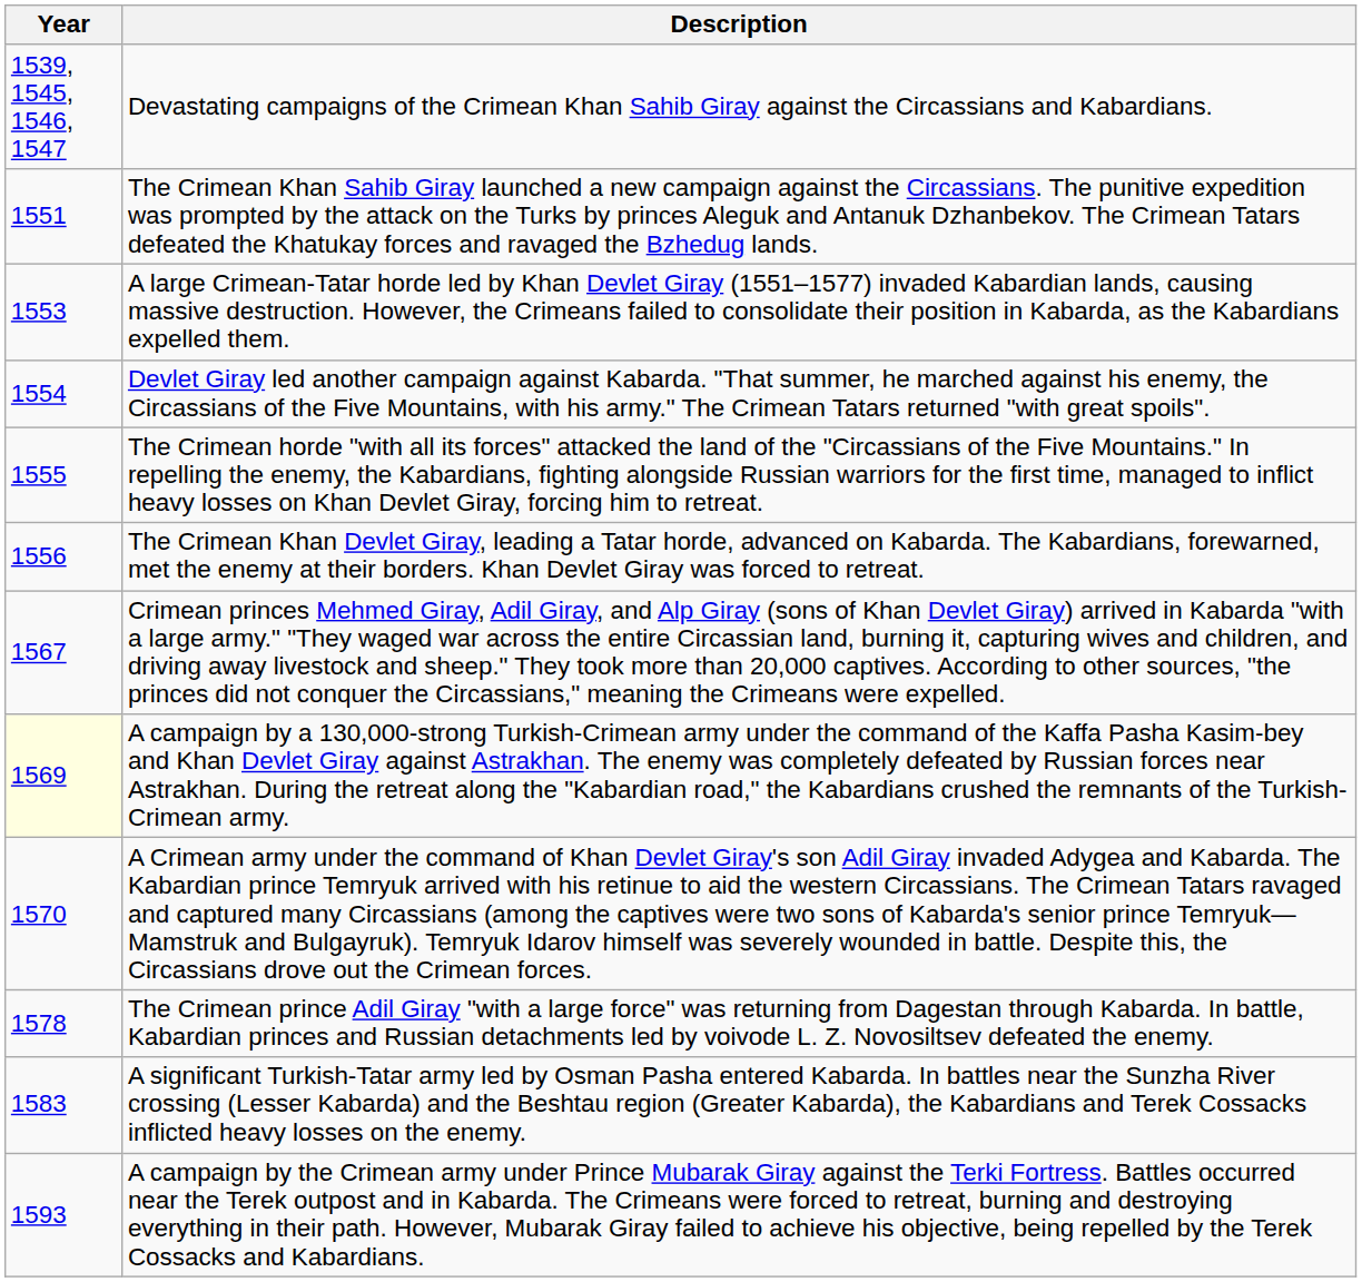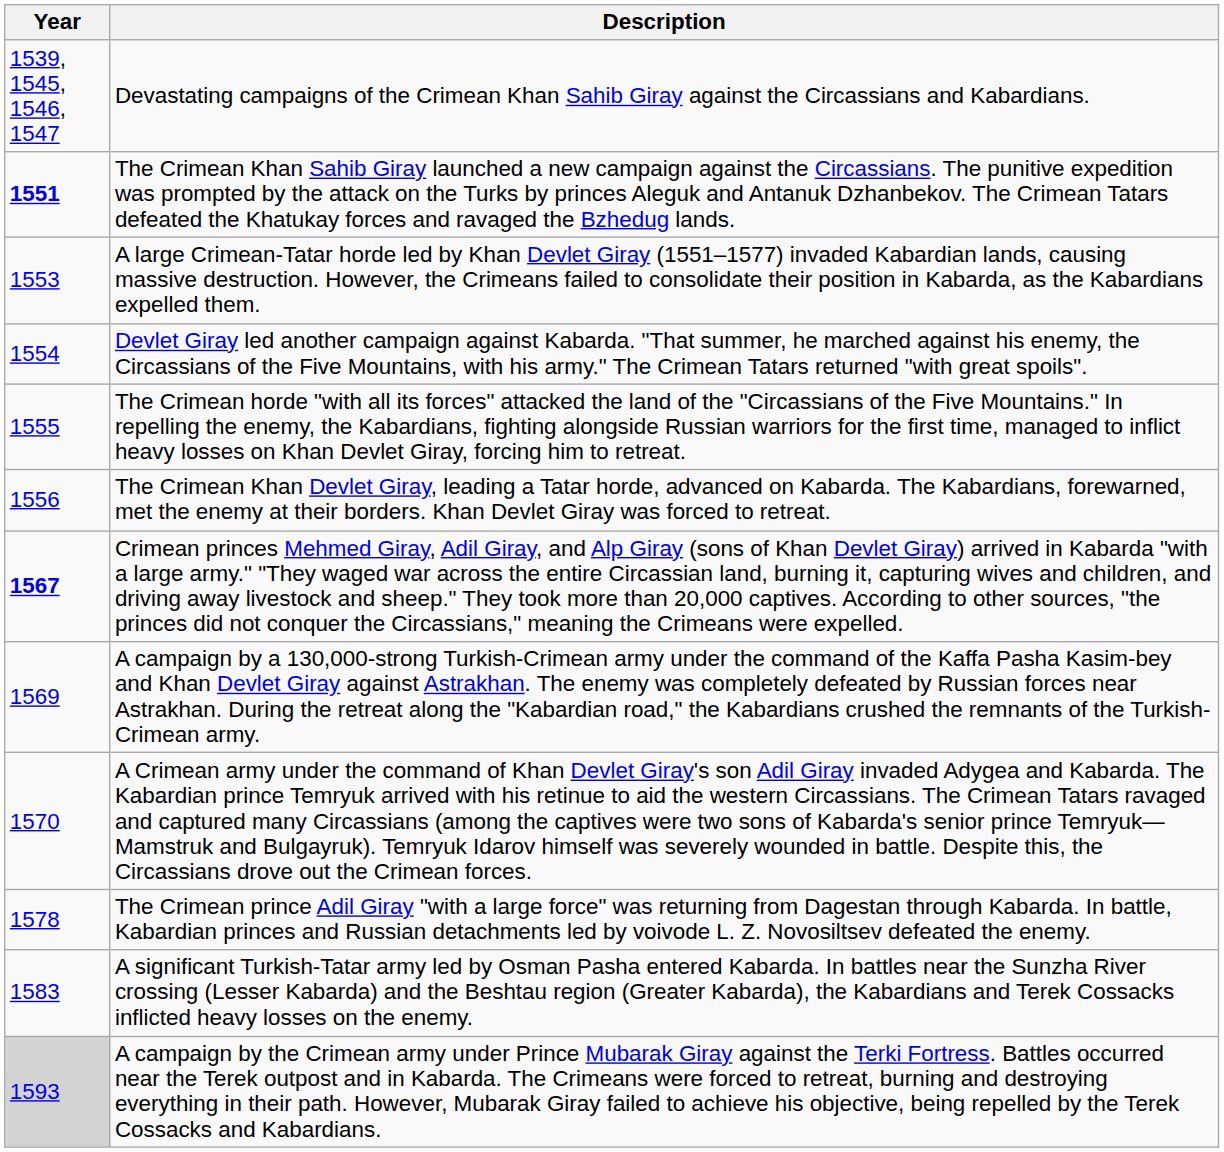 <table class="wikitable">
 <tr>
 <th>Year</th>
 <th>Description</th>
 </tr>
 <tr>
 <td><a href='#'>1539</a>, <a href='#'>1545</a>, <a href='#'>1546</a>, <a href='#'>1547</a></td>
 <td>Devastating campaigns of the Crimean Khan <a href='#'>Sahib Giray</a> against the Circassians and Kabardians.</td>
 </tr>
 <tr>
-<td><a href='#'>1551</a></td>
+<td><strong><a href='#'>1551</a></strong></td>
 <td>The Crimean Khan <a href='#'>Sahib Giray</a> launched a new campaign against the <a href='#'>Circassians</a>. The punitive expedition was prompted by the attack on the Turks by princes Aleguk and Antanuk Dzhanbekov. The Crimean Tatars defeated the Khatukay forces and ravaged the <a href='#'>Bzhedug</a> lands.</td>
 </tr>
 <tr>
 <td><a href='#'>1553</a></td>
 <td>A large Crimean-Tatar horde led by Khan <a href='#'>Devlet Giray</a> (1551–1577) invaded Kabardian lands, causing massive destruction. However, the Crimeans failed to consolidate their position in Kabarda, as the Kabardians expelled them.</td>
 </tr>
 <tr>
 <td><a href='#'>1554</a></td>
 <td><a href='#'>Devlet Giray</a> led another campaign against Kabarda. "That summer, he marched against his enemy, the Circassians of the Five Mountains, with his army." The Crimean Tatars returned "with great spoils".</td>
 </tr>
 <tr>
 <td><a href='#'>1555</a></td>
 <td>The Crimean horde "with all its forces" attacked the land of the "Circassians of the Five Mountains." In repelling the enemy, the Kabardians, fighting alongside Russian warriors for the first time, managed to inflict heavy losses on Khan Devlet Giray, forcing him to retreat.</td>
 </tr>
 <tr>
 <td><a href='#'>1556</a></td>
 <td>The Crimean Khan <a href='#'>Devlet Giray</a>, leading a Tatar horde, advanced on Kabarda. The Kabardians, forewarned, met the enemy at their borders. Khan Devlet Giray was forced to retreat.</td>
 </tr>
 <tr>
-<td><a href='#'>1567</a></td>
+<td><strong><a href='#'>1567</a></strong></td>
 <td>Crimean princes <a href='#'>Mehmed Giray</a>, <a href='#'>Adil Giray</a>, and <a href='#'>Alp Giray</a> (sons of Khan <a href='#'>Devlet Giray</a>) arrived in Kabarda "with a large army." "They waged war across the entire Circassian land, burning it, capturing wives and children, and driving away livestock and sheep." They took more than 20,000 captives. According to other sources, "the princes did not conquer the Circassians," meaning the Crimeans were expelled.</td>
 </tr>
 <tr>
-<td style="background: lightyellow;"><a href='#'>1569</a></td>
+<td><a href='#'>1569</a></td>
 <td>A campaign by a 130,000-strong Turkish-Crimean army under the command of the Kaffa Pasha Kasim-bey and Khan <a href='#'>Devlet Giray</a> against <a href='#'>Astrakhan</a>. The enemy was completely defeated by Russian forces near Astrakhan. During the retreat along the "Kabardian road," the Kabardians crushed the remnants of the Turkish-Crimean army.</td>
 </tr>
 <tr>
 <td><a href='#'>1570</a></td>
 <td>A Crimean army under the command of Khan <a href='#'>Devlet Giray</a>'s son <a href='#'>Adil Giray</a> invaded Adygea and Kabarda. The Kabardian prince Temryuk arrived with his retinue to aid the western Circassians. The Crimean Tatars ravaged and captured many Circassians (among the captives were two sons of Kabarda's senior prince Temryuk—Mamstruk and Bulgayruk). Temryuk Idarov himself was severely wounded in battle. Despite this, the Circassians drove out the Crimean forces.</td>
 </tr>
 <tr>
 <td><a href='#'>1578</a></td>
 <td>The Crimean prince <a href='#'>Adil Giray</a> "with a large force" was returning from Dagestan through Kabarda. In battle, Kabardian princes and Russian detachments led by voivode L. Z. Novosiltsev defeated the enemy.</td>
 </tr>
 <tr>
 <td><a href='#'>1583</a></td>
 <td>A significant Turkish-Tatar army led by Osman Pasha entered Kabarda. In battles near the Sunzha River crossing (Lesser Kabarda) and the Beshtau region (Greater Kabarda), the Kabardians and Terek Cossacks inflicted heavy losses on the enemy.</td>
 </tr>
 <tr>
-<td><a href='#'>1593</a></td>
+<td style="background: lightgrey;"><a href='#'>1593</a></td>
 <td>A campaign by the Crimean army under Prince <a href='#'>Mubarak Giray</a> against the <a href='#'>Terki Fortress</a>. Battles occurred near the Terek outpost and in Kabarda. The Crimeans were forced to retreat, burning and destroying everything in their path. However, Mubarak Giray failed to achieve his objective, being repelled by the Terek Cossacks and Kabardians.</td>
 </tr>
 </table>
